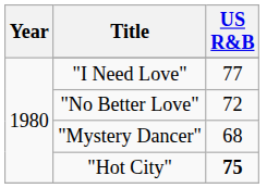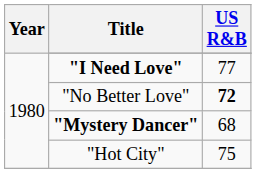 <table class="wikitable" style="text-align:center;">
 <tr>
 <th colspan="1">Year</th>
 <th rowspan="1">Title</th>
 <th colspan="1"><a href='#'>US<br>R&B</a></th>
 </tr>
 <tr>
 <td rowspan="5">1980</td>
 </tr>
 <tr>
-<td>"I Need Love"</td>
+<td><strong>"I Need Love"</strong></td>
 <td>77</td>
 </tr>
 <tr>
 <td>"No Better Love"</td>
-<td>72</td>
+<td><strong>72</strong></td>
 </tr>
 <tr>
-<td>"Mystery Dancer"</td>
+<td><strong>"Mystery Dancer"</strong></td>
 <td>68</td>
 </tr>
 <tr>
 <td>"Hot City"</td>
-<td><strong>75</strong></td>
+<td>75</td>
 </tr>
 <tr>
 </tr>
 </table>
